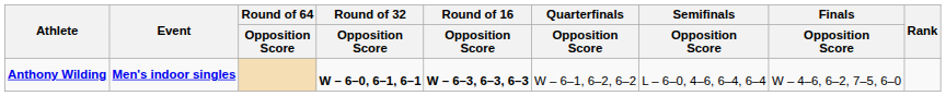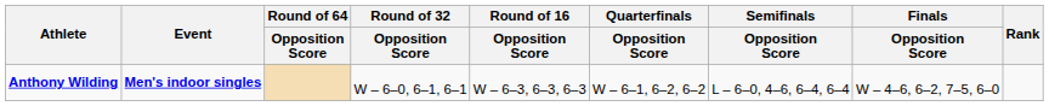 <table class=wikitable style="font-size:90%">
 <tr>
 <th rowspan="2">Athlete</th>
 <th rowspan="2">Event</th>
 <th>Round of 64</th>
 <th>Round of 32</th>
 <th>Round of 16</th>
 <th>Quarterfinals</th>
 <th>Semifinals</th>
 <th>Finals</th>
 <th rowspan=2>Rank</th>
 </tr>
 <tr>
 <th>Opposition<br>Score</th>
 <th>Opposition<br>Score</th>
 <th>Opposition<br>Score</th>
 <th>Opposition<br>Score</th>
 <th>Opposition<br>Score</th>
 <th>Opposition<br>Score</th>
 </tr>
 <tr>
 <td><strong><a href='#'>Anthony Wilding</a></strong></td>
 <td><strong><a href='#'>Men's indoor singles</a></strong></td>
 <td bgcolor=wheat></td>
-<td align=center><strong> <br> W – 6–0, 6–1, 6–1</strong></td>
-<td align=center><strong> <br> W – 6–3, 6–3, 6–3</strong></td>
+<td align=center> <br> W – 6–0, 6–1, 6–1</td>
+<td align=center> <br> W – 6–3, 6–3, 6–3</td>
 <td align=center> <br> W – 6–1, 6–2, 6–2</td>
 <td align=center> <br> L – 6–0, 4–6, 6–4, 6–4</td>
 <td align=center> <br> W – 4–6, 6–2, 7–5, 6–0</td>
 <td align=center></td>
 </tr>
 </table>
